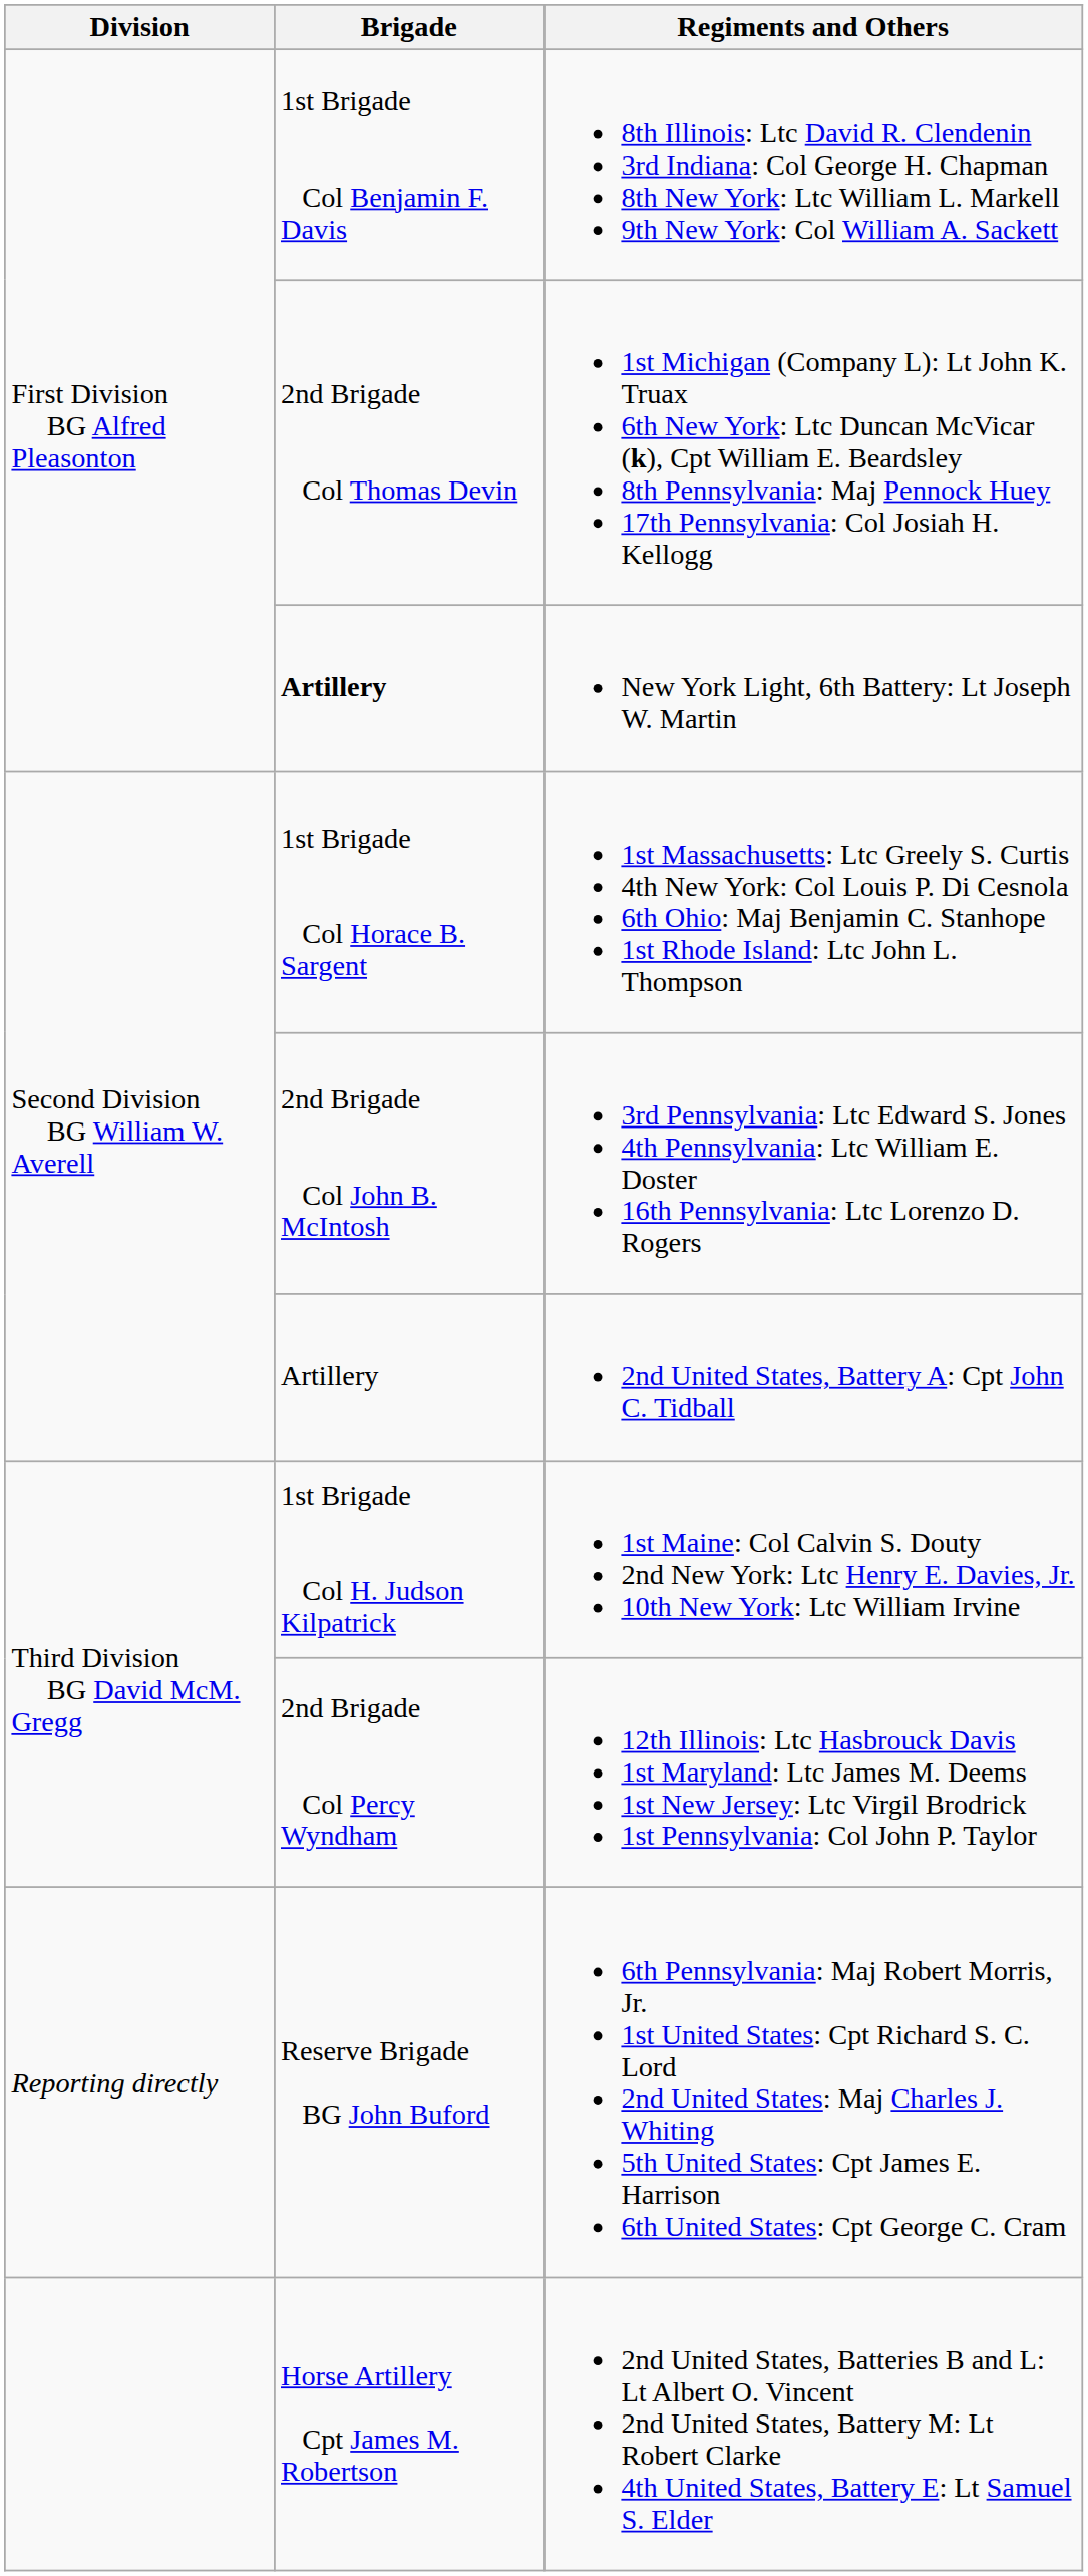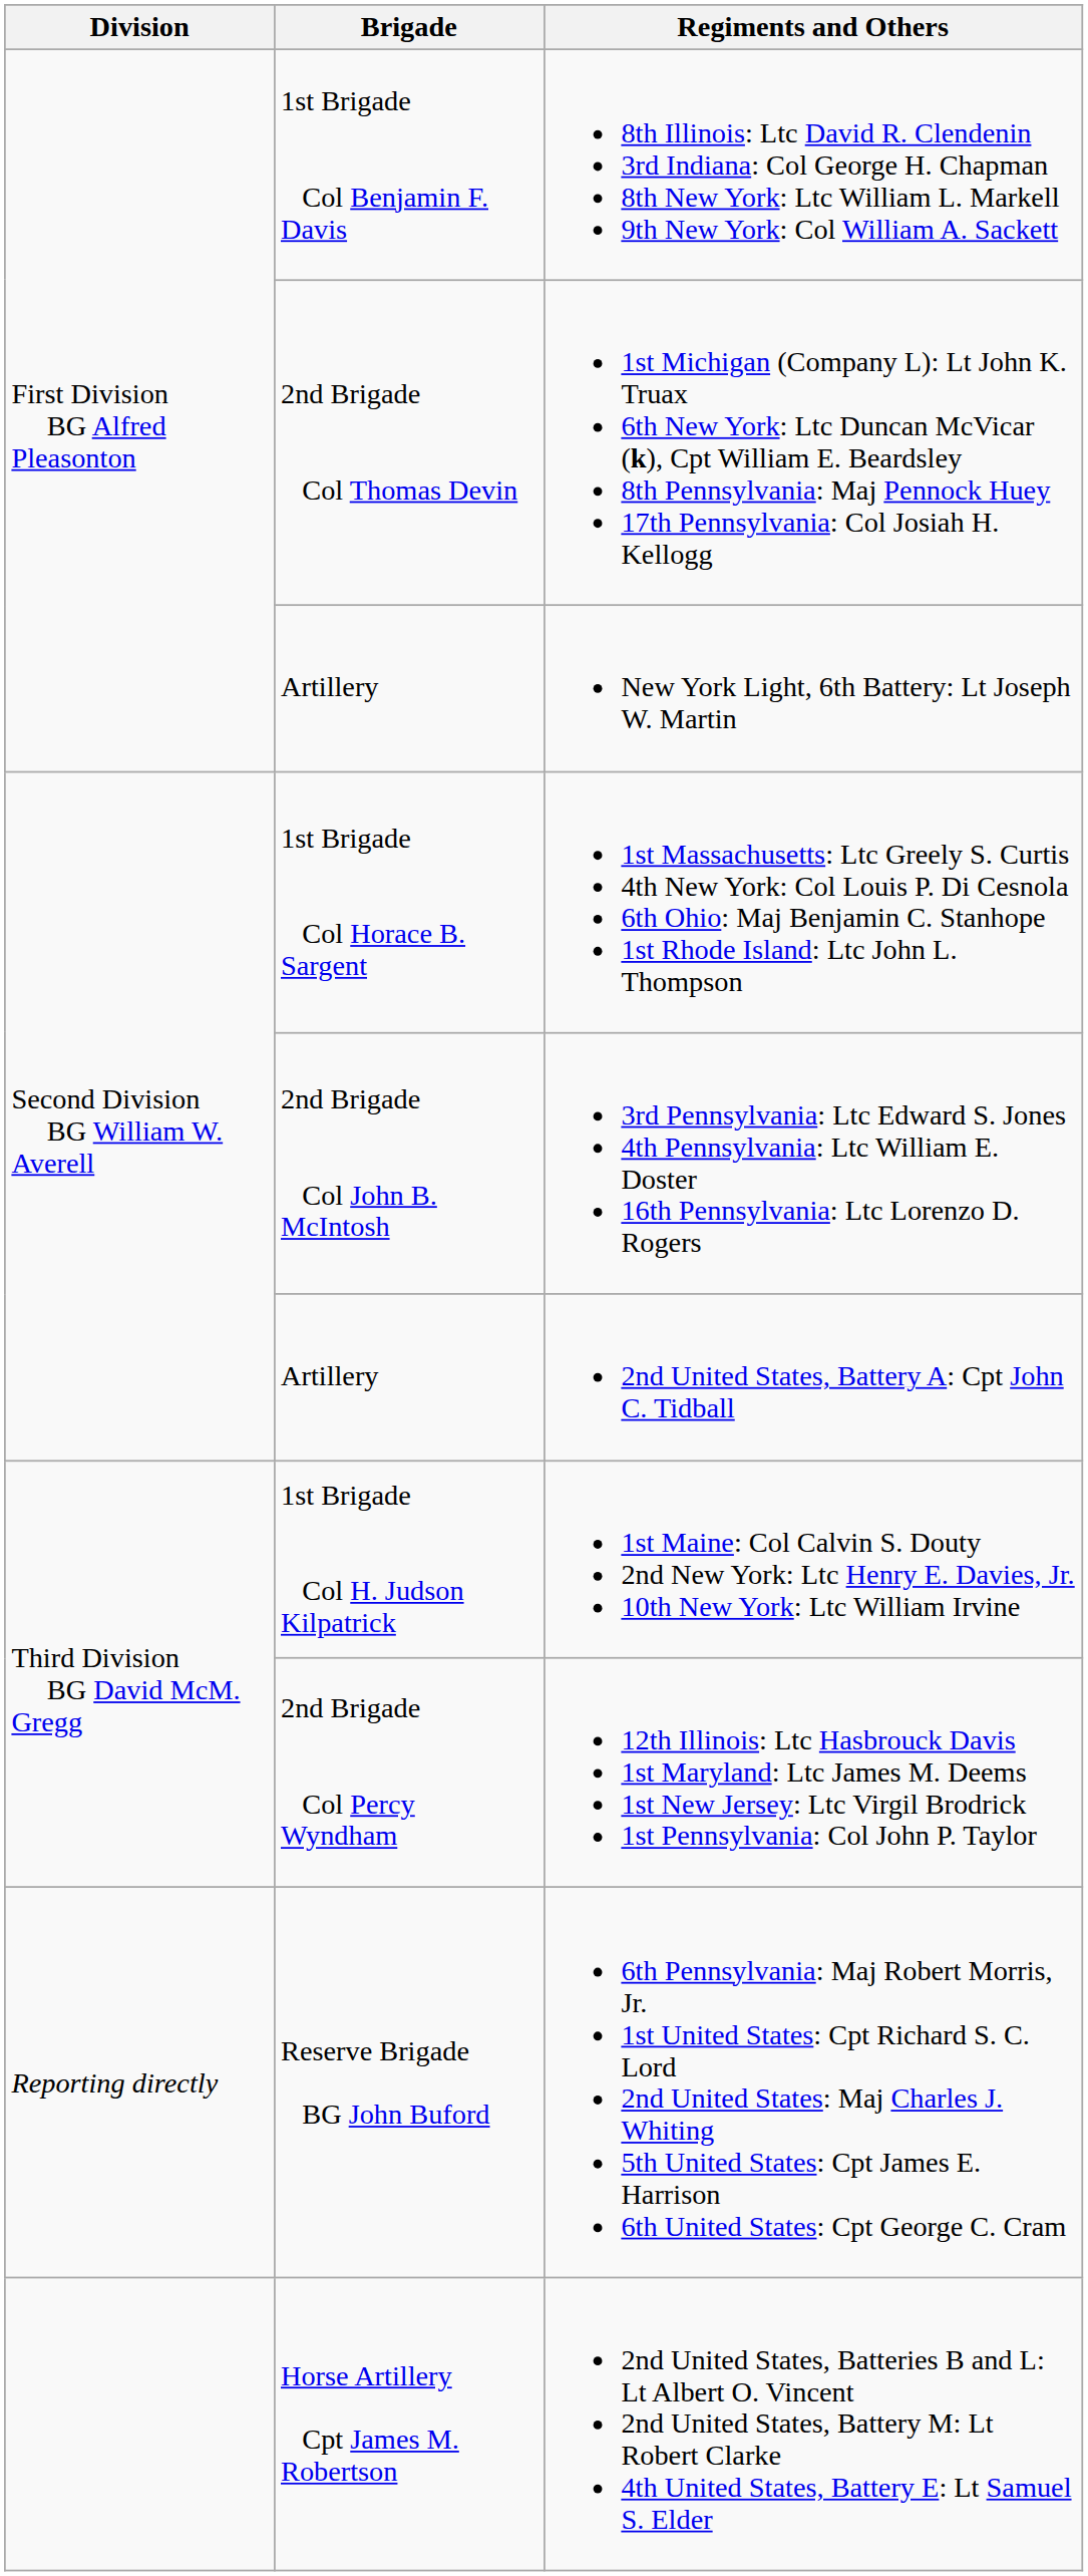 <table class="wikitable">
 <tr>
 <th width=25%>Division</th>
 <th width=25%>Brigade</th>
 <th>Regiments and Others</th>
 </tr>
 <tr>
 <td rowspan=3><br>First Division <br>     BG <a href='#'>Alfred Pleasonton</a></td>
 <td>1st Brigade<br><br><br>   Col <a href='#'>Benjamin F. Davis</a></td>
 <td><br><ul><li><a href='#'>8th Illinois</a>: Ltc <a href='#'>David R. Clendenin</a></li><li><a href='#'>3rd Indiana</a>: Col George H. Chapman</li><li><a href='#'>8th New York</a>: Ltc William L. Markell</li><li><a href='#'>9th New York</a>: Col <a href='#'>William A. Sackett</a></li></ul></td>
 </tr>
 <tr>
 <td>2nd Brigade<br><br><br>   Col <a href='#'>Thomas Devin</a></td>
 <td><br><ul><li><a href='#'>1st Michigan</a> (Company L): Lt John K. Truax</li><li><a href='#'>6th New York</a>: Ltc Duncan McVicar (<strong>k</strong>), Cpt William E. Beardsley</li><li><a href='#'>8th Pennsylvania</a>: Maj <a href='#'>Pennock Huey</a></li><li><a href='#'>17th Pennsylvania</a>: Col Josiah H. Kellogg</li></ul></td>
 </tr>
 <tr>
-<td><strong>Artillery</strong></td>
+<td>Artillery</td>
 <td><br><ul><li>New York Light, 6th Battery: Lt Joseph W. Martin</li></ul></td>
 </tr>
 <tr>
 <td rowspan=3><br>Second Division <br>     BG <a href='#'>William W. Averell</a></td>
 <td>1st Brigade<br><br><br>   Col <a href='#'>Horace B. Sargent</a></td>
 <td><br><ul><li><a href='#'>1st Massachusetts</a>: Ltc Greely S. Curtis</li><li>4th New York: Col Louis P. Di Cesnola</li><li><a href='#'>6th Ohio</a>: Maj Benjamin C. Stanhope</li><li><a href='#'>1st Rhode Island</a>: Ltc John L. Thompson</li></ul></td>
 </tr>
 <tr>
 <td>2nd Brigade<br><br><br>   Col <a href='#'>John B. McIntosh</a></td>
 <td><br><ul><li><a href='#'>3rd Pennsylvania</a>: Ltc Edward S. Jones</li><li><a href='#'>4th Pennsylvania</a>: Ltc William E. Doster</li><li><a href='#'>16th Pennsylvania</a>: Ltc Lorenzo D. Rogers</li></ul></td>
 </tr>
 <tr>
 <td>Artillery</td>
 <td><br><ul><li><a href='#'>2nd United States, Battery A</a>: Cpt <a href='#'>John C. Tidball</a></li></ul></td>
 </tr>
 <tr>
 <td rowspan=2><br>Third Division <br>     BG <a href='#'>David McM. Gregg</a></td>
 <td>1st Brigade<br><br><br>   Col <a href='#'>H. Judson Kilpatrick</a></td>
 <td><br><ul><li><a href='#'>1st Maine</a>: Col Calvin S. Douty</li><li>2nd New York: Ltc <a href='#'>Henry E. Davies, Jr.</a></li><li><a href='#'>10th New York</a>: Ltc William Irvine</li></ul></td>
 </tr>
 <tr>
 <td>2nd Brigade<br><br><br>   Col <a href='#'>Percy Wyndham</a></td>
 <td><br><ul><li><a href='#'>12th Illinois</a>: Ltc <a href='#'>Hasbrouck Davis</a></li><li><a href='#'>1st Maryland</a>: Ltc James M. Deems</li><li><a href='#'>1st New Jersey</a>: Ltc Virgil Brodrick</li><li><a href='#'>1st Pennsylvania</a>: Col John P. Taylor</li></ul></td>
 </tr>
 <tr>
 <td><em>Reporting directly</em></td>
 <td>Reserve Brigade<br><br>   BG <a href='#'>John Buford</a></td>
 <td><br><ul><li><a href='#'>6th Pennsylvania</a>: Maj Robert Morris, Jr.</li><li><a href='#'>1st United States</a>: Cpt Richard S. C. Lord</li><li><a href='#'>2nd United States</a>: Maj <a href='#'>Charles J. Whiting</a></li><li><a href='#'>5th United States</a>: Cpt James E. Harrison</li><li><a href='#'>6th United States</a>: Cpt George C. Cram</li></ul></td>
 </tr>
 <tr>
 <td></td>
 <td><a href='#'>Horse Artillery</a><br><br>   Cpt <a href='#'>James M. Robertson</a></td>
 <td><br><ul><li>2nd United States, Batteries B and L: Lt Albert O. Vincent</li><li>2nd United States, Battery M: Lt Robert Clarke</li><li><a href='#'>4th United States, Battery E</a>: Lt <a href='#'>Samuel S. Elder</a></li></ul></td>
 </tr>
 </table>
